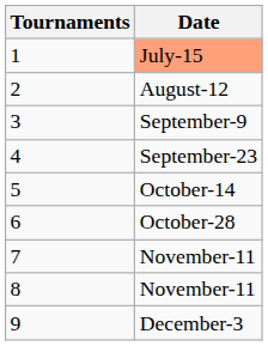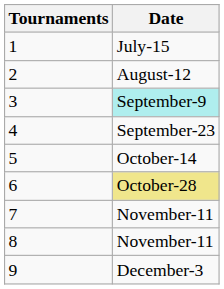 <table class="wikitable">
 <tr>
 <th>Tournaments</th>
 <th>Date</th>
 </tr>
 <tr>
 <td>1</td>
-<td style="background: lightsalmon;">July-15</td>
+<td>July-15</td>
 </tr>
 <tr>
 <td>2</td>
 <td>August-12</td>
 </tr>
 <tr>
 <td>3</td>
-<td>September-9</td>
+<td style="background: paleturquoise;">September-9</td>
 </tr>
 <tr>
 <td>4</td>
 <td>September-23</td>
 </tr>
 <tr>
 <td>5</td>
 <td>October-14</td>
 </tr>
 <tr>
 <td>6</td>
-<td>October-28</td>
+<td style="background: khaki;">October-28</td>
 </tr>
 <tr>
 <td>7</td>
 <td>November-11</td>
 </tr>
 <tr>
 <td>8</td>
 <td>November-11</td>
 </tr>
 <tr>
 <td>9</td>
 <td>December-3</td>
 </tr>
 </table>
